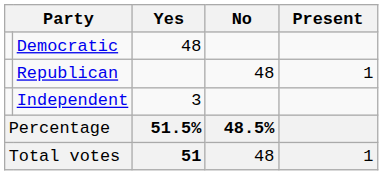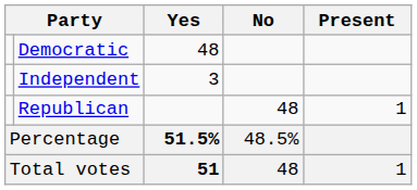 <table class="wikitable" style="margin-right: 1em; background: #f9f9f9; text-align: right;">
 <tr>
 <th colspan="2" scope="col" style="width: 90px">Party</th>
 <th scope="col" style="width: 50px">Yes</th>
 <th scope="col" style="width: 50px">No</th>
 <th scope="col" style="width: 70px">Present</th>
 </tr>
 <tr>
 <td scope="row" style="background-color:"></td>
 <td scope="row" style="text-align: left;"><a href='#'>Democratic</a></td>
 <td>48</td>
 <td></td>
 <td></td>
 </tr>
 <tr>
 <td scope="row" style="background-color:"></td>
+<td scope="row" style="text-align: left;"><a href='#'>Independent</a></td>
+<td>3</td>
+<td></td>
+<td></td>
+</tr>
+<tr>
+<td scope="row" style="background-color:"></td>
 <td scope="row" style="text-align: left;"><a href='#'>Republican</a></td>
 <td></td>
 <td>48</td>
 <td>1</td>
 </tr>
-<tr>
-<td scope="row" style="background-color:"></td>
-<td scope="row" style="text-align: left;"><a href='#'>Independent</a></td>
-<td>3</td>
-<td></td>
-<td></td>
-</tr>
 <tr class="tfoot" style="background:#f2f2f2;"|>
 <td scope="row" colspan="2" style="text-align:left;">Percentage</td>
 <td><strong>51.5%</strong></td>
-<td><strong>48.5%</strong></td>
+<td>48.5%</td>
 <td></td>
 </tr>
 <tr class="tfoot" style="background:#f2f2f2;">
 <td scope="row" colspan="2" style="text-align:left;">Total votes</td>
 <td> <strong>51</strong></td>
 <td>48</td>
 <td>1</td>
 </tr>
 </table>
